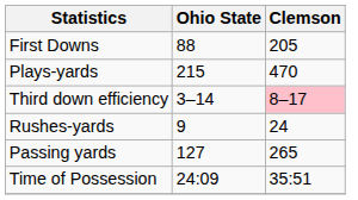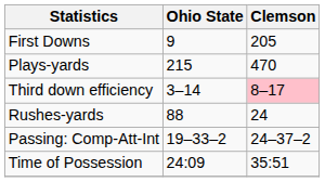 <table class="wikitable">
 <tr>
 <th>Statistics</th>
 <th>Ohio State</th>
 <th>Clemson</th>
 </tr>
 <tr>
 <td>First Downs</td>
-<td>88</td>
+<td>9</td>
 <td>205</td>
 </tr>
 <tr>
 <td>Plays-yards</td>
 <td>215</td>
 <td>470</td>
 </tr>
 <tr>
 <td>Third down efficiency</td>
 <td>3–14</td>
 <td style="background: pink;">8–17</td>
 </tr>
 <tr>
 <td>Rushes-yards</td>
-<td>9</td>
+<td>88</td>
 <td>24</td>
 </tr>
 <tr>
-<td>Passing yards</td>
-<td>127</td>
-<td>265</td>
+<td>Passing: Comp-Att-Int</td>
+<td>19–33–2</td>
+<td>24–37–2</td>
 </tr>
 <tr>
 <td>Time of Possession</td>
 <td>24:09</td>
 <td>35:51</td>
 </tr>
 <tr>
 </tr>
 </table>
